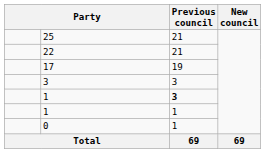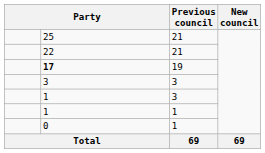 <table class="wikitable">
 <tr>
 <th valign=centre colspan="2" style="width: 230px">Party</th>
 <th valign=top style="width: 30px">Previous council</th>
 <th valign=top style="width: 30px">New council</th>
 </tr>
 <tr>
 <td></td>
 <td>25</td>
 <td>21</td>
 </tr>
 <tr>
 <td></td>
 <td>22</td>
 <td>21</td>
 </tr>
 <tr>
 <td></td>
-<td>17</td>
+<td><strong>17</strong></td>
 <td>19</td>
 </tr>
 <tr>
 <td></td>
 <td>3</td>
 <td>3</td>
 </tr>
 <tr>
 <td></td>
 <td>1</td>
-<td><strong>3</strong></td>
+<td>3</td>
 </tr>
 <tr>
 <td></td>
 <td>1</td>
 <td>1</td>
 </tr>
 <tr>
 <td></td>
 <td>0</td>
 <td>1</td>
 </tr>
 <tr>
 <th colspan=2>Total</th>
 <th style="text-align: center">69</th>
 <th colspan=3>69</th>
 </tr>
 </table>
